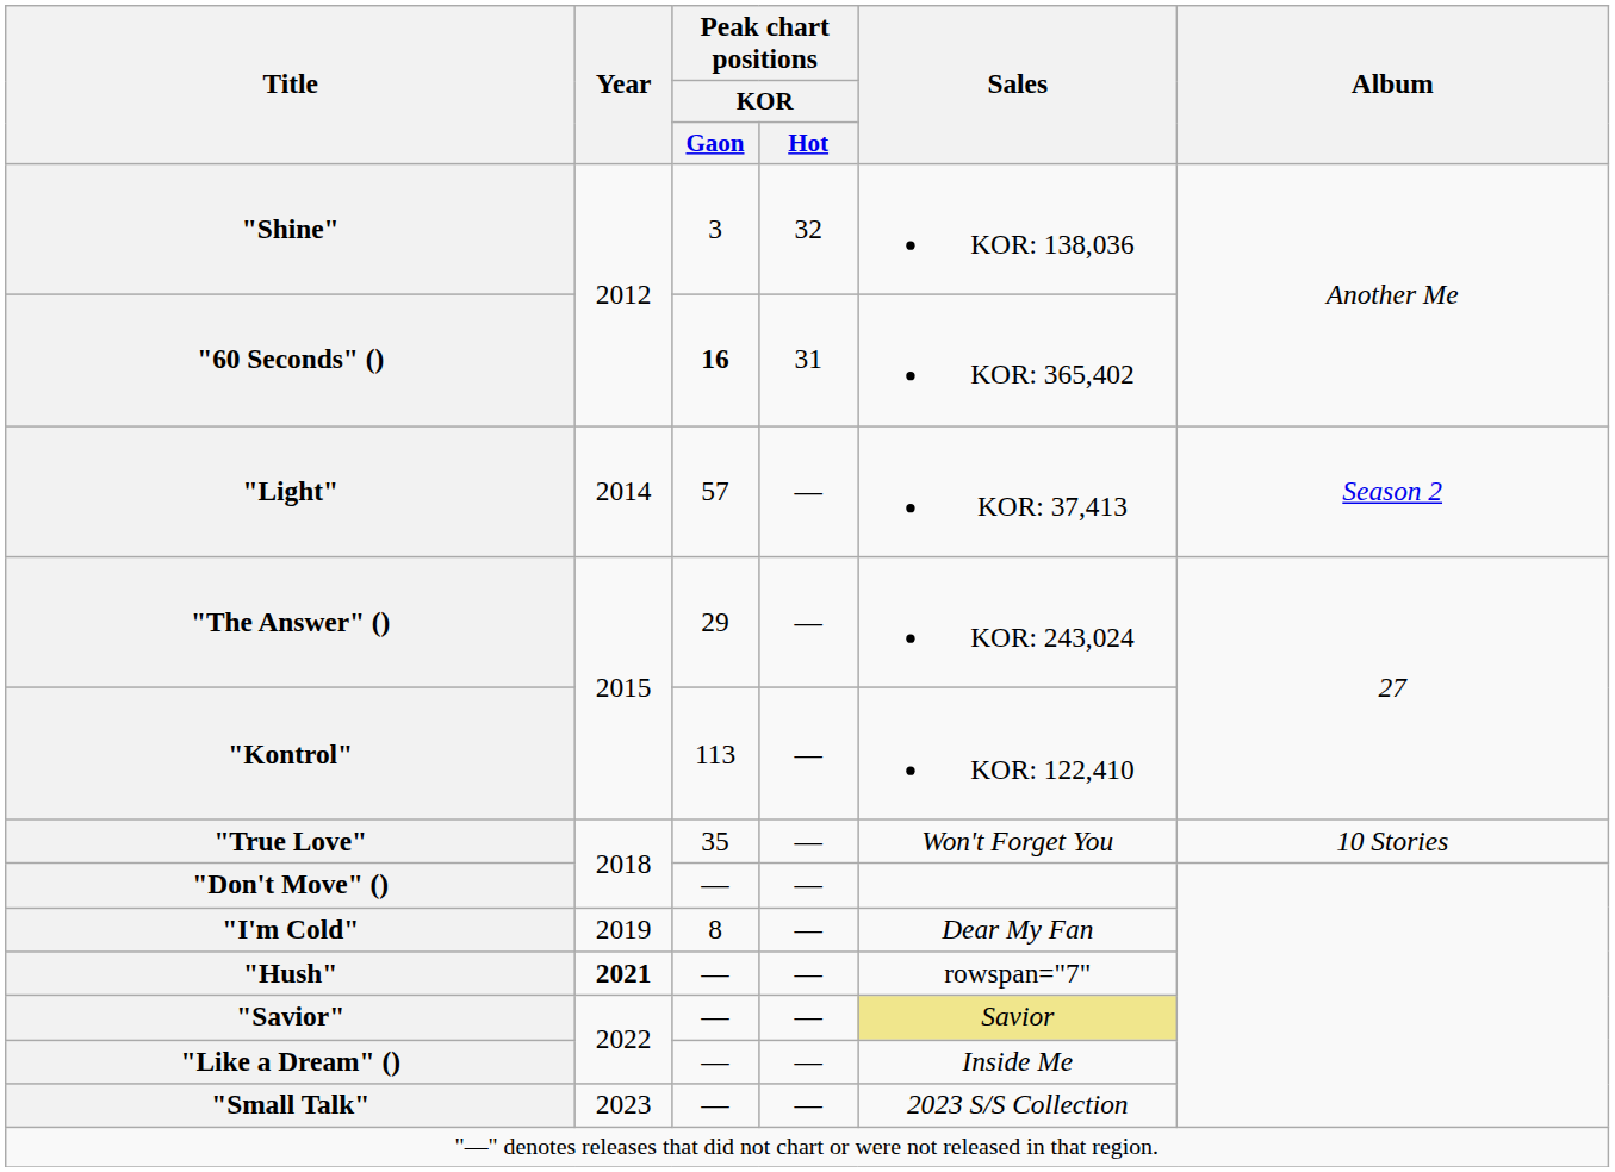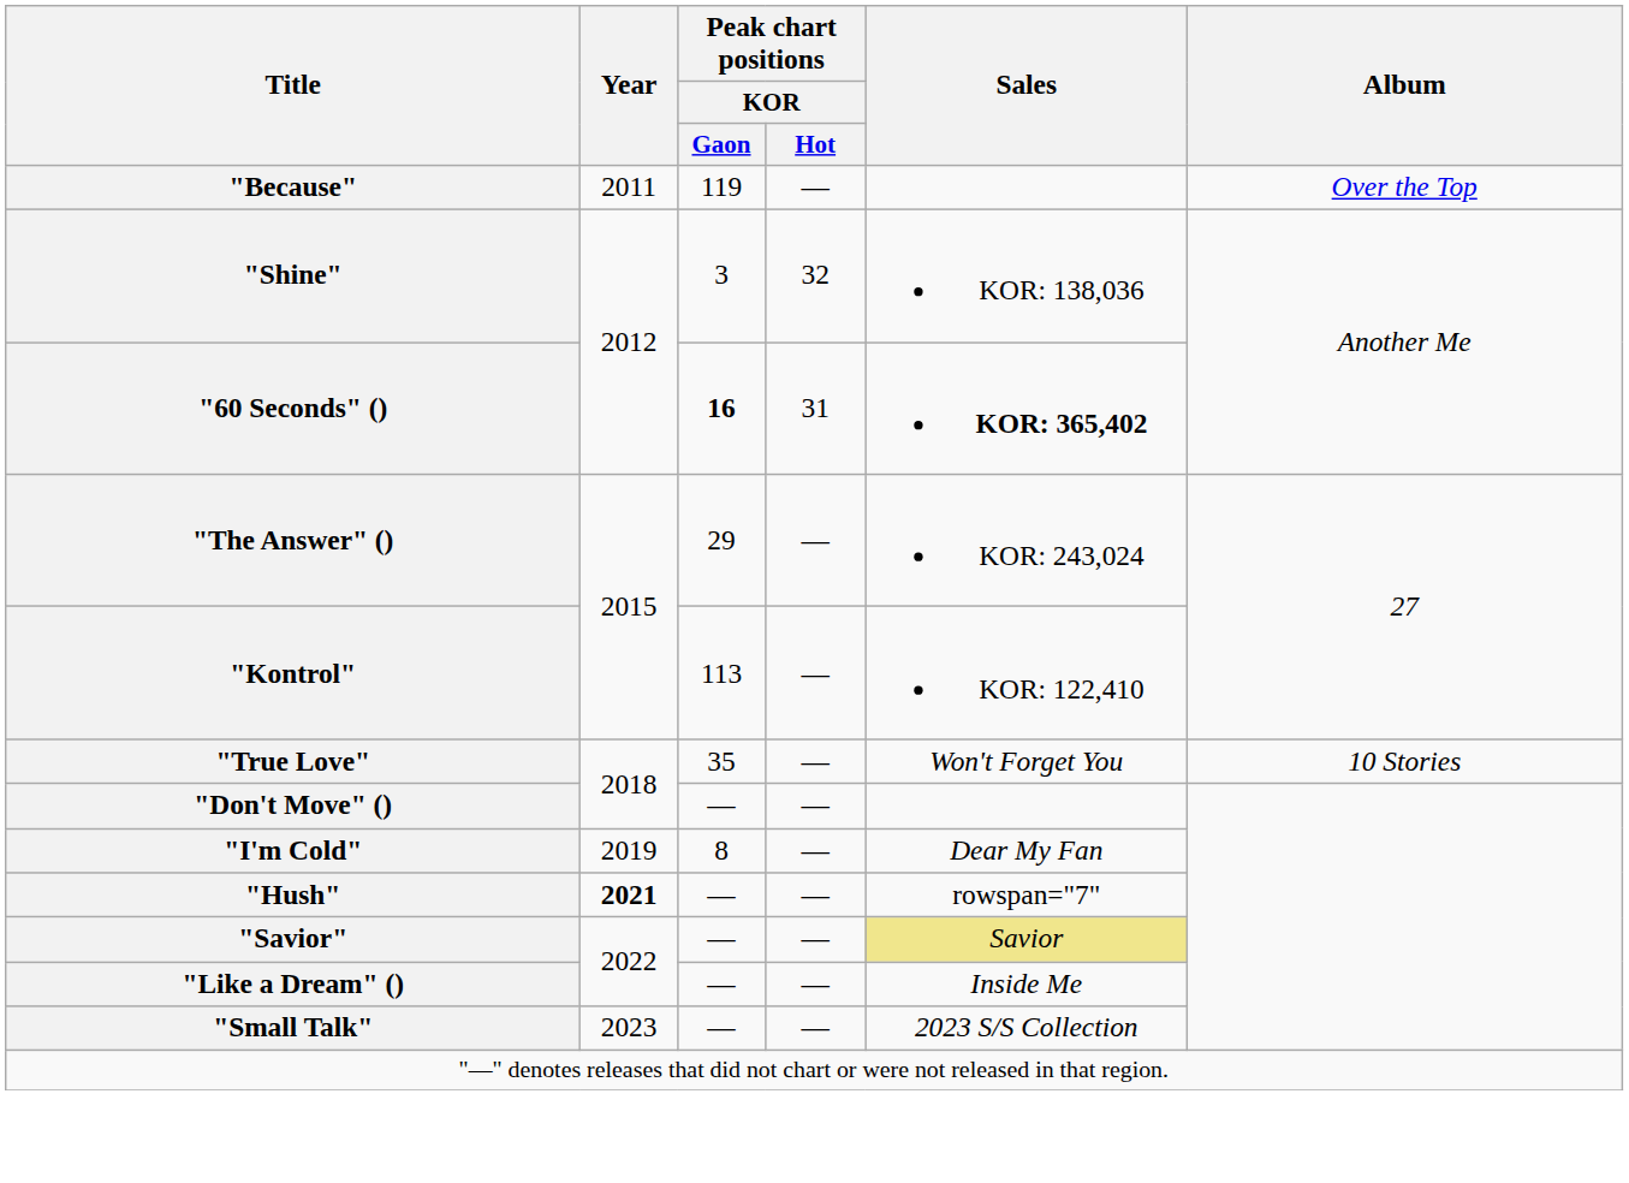 <table class="wikitable plainrowheaders" style="text-align:center;">
 <tr>
 <th rowspan="3" scope="col" style="width:20em;">Title</th>
 <th rowspan="3" scope="col" style="width:3em;">Year</th>
 <th colspan="2" scope="col">Peak chart positions</th>
 <th rowspan="3" scope="col" style="width:11em;">Sales</th>
 <th rowspan="3" scope="col" style="width:15em;">Album</th>
 </tr>
 <tr>
 <th colspan="2" scope="col" style="width:3.5em;font-size:90%;">KOR</th>
 </tr>
 <tr>
 <th scope="col" style="width:3em;font-size:90%;"><a href='#'>Gaon</a><br></th>
 <th scope="col" style="width:3.5em;font-size:90%;"><a href='#'>Hot</a><br></th>
 </tr>
 <tr>
+<th scope=row>"Because"</th>
+<td>2011</td>
+<td>119</td>
+<td>—</td>
+<td></td>
+<td><em><a href='#'>Over the Top</a></em></td>
+</tr>
+<tr>
 <th scope=row>"Shine"</th>
 <td rowspan="2">2012</td>
 <td>3</td>
 <td>32</td>
 <td><br><ul><li>KOR: 138,036</li></ul></td>
 <td rowspan="2"><em>Another Me</em></td>
 </tr>
 <tr>
 <th scope=row>"60 Seconds" ()</th>
 <td><strong>16</strong></td>
 <td>31</td>
-<td><br><ul><li>KOR: 365,402</li></ul></td>
-</tr>
-<tr>
-<th scope=row>"Light"</th>
-<td>2014</td>
-<td>57</td>
-<td>—</td>
-<td><br><ul><li>KOR: 37,413</li></ul></td>
-<td><em><a href='#'>Season 2</a></em></td>
+<td><strong><br><ul><li>KOR: 365,402</li></ul></strong></td>
 </tr>
 <tr>
 <th scope=row>"The Answer" ()</th>
 <td rowspan="2">2015</td>
 <td>29</td>
 <td>—</td>
 <td><br><ul><li>KOR: 243,024</li></ul></td>
 <td rowspan=2><em>27</em></td>
 </tr>
 <tr>
 <th scope=row>"Kontrol"</th>
 <td>113</td>
 <td>—</td>
 <td><br><ul><li>KOR: 122,410</li></ul></td>
 </tr>
 <tr>
 <th scope=row>"True Love"</th>
 <td rowspan=2>2018</td>
 <td>35</td>
 <td>—</td>
 <td><em>Won't Forget You</em></td>
 <td><em>10 Stories</em></td>
 </tr>
 <tr>
 <th scope=row>"Don't Move" () </th>
 <td>—</td>
 <td>—</td>
 <td></td>
 </tr>
 <tr>
 <th scope=row>"I'm Cold"</th>
 <td>2019</td>
 <td>8</td>
 <td>—</td>
 <td><em>Dear My Fan</em></td>
 </tr>
 <tr>
 <th scope=row>"Hush"</th>
 <td><strong>2021</strong></td>
 <td>—</td>
 <td>—</td>
 <td>rowspan="7" </td>
 </tr>
 <tr>
 <th scope=row>"Savior"</th>
 <td rowspan="2">2022</td>
 <td>—</td>
 <td>—</td>
 <td style="background: khaki;"><em>Savior</em></td>
 </tr>
 <tr>
 <th scope=row>"Like a Dream" ()</th>
 <td>—</td>
 <td>—</td>
 <td><em>Inside Me</em></td>
 </tr>
 <tr>
 <th scope="row">"Small Talk"</th>
 <td>2023</td>
 <td>—</td>
 <td>—</td>
 <td><em>2023 S/S Collection</em></td>
 </tr>
 <tr>
 <td colspan="6" style="font-size:85%;">"—" denotes releases that did not chart or were not released in that region.</td>
 </tr>
 </table>
